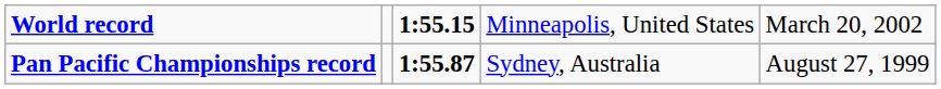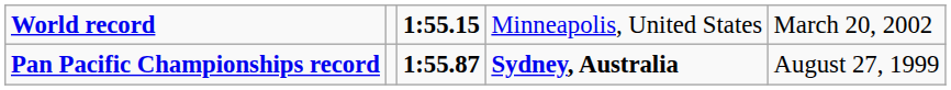 <table class="wikitable">
 <tr>
 <td><strong><a href='#'>World record</a></strong></td>
 <td></td>
 <td><strong>1:55.15</strong></td>
 <td><a href='#'>Minneapolis</a>, United States</td>
 <td>March 20, 2002</td>
 </tr>
 <tr>
 <td><strong><a href='#'>Pan Pacific Championships record</a></strong></td>
 <td></td>
 <td><strong>1:55.87</strong></td>
-<td><a href='#'>Sydney</a>, Australia</td>
+<td><strong><a href='#'>Sydney</a>, Australia</strong></td>
 <td>August 27, 1999</td>
 </tr>
 </table>
